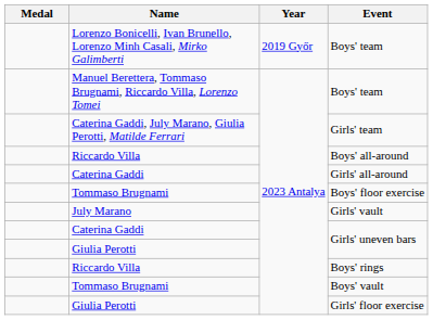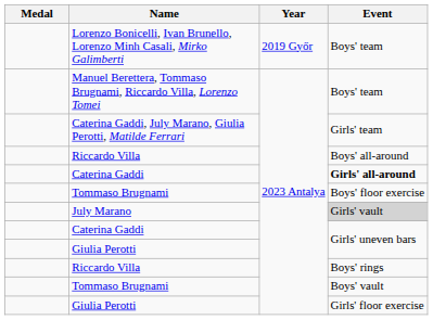 <table class="wikitable sortable">
 <tr>
 <th style="width:5em;">Medal</th>
 <th width=250>Name</th>
 <th>Year</th>
 <th>Event</th>
 </tr>
 <tr>
 <td></td>
 <td><a href='#'>Lorenzo Bonicelli</a>, <a href='#'>Ivan Brunello</a>, <a href='#'>Lorenzo Minh Casali</a>, <em><a href='#'>Mirko Galimberti</a></em></td>
 <td> <a href='#'>2019 Győr</a></td>
 <td>Boys' team</td>
 </tr>
 <tr>
 <td></td>
 <td><a href='#'>Manuel Berettera</a>, <a href='#'>Tommaso Brugnami</a>, <a href='#'>Riccardo Villa</a>, <em><a href='#'>Lorenzo Tomei</a></em></td>
 <td rowspan="11"> <a href='#'>2023 Antalya</a></td>
 <td>Boys' team</td>
 </tr>
 <tr>
 <td></td>
 <td><a href='#'>Caterina Gaddi</a>, <a href='#'>July Marano</a>, <a href='#'>Giulia Perotti</a>, <em><a href='#'>Matilde Ferrari</a></em></td>
 <td>Girls' team</td>
 </tr>
 <tr>
 <td></td>
 <td><a href='#'>Riccardo Villa</a></td>
 <td>Boys' all-around</td>
 </tr>
 <tr>
 <td></td>
 <td><a href='#'>Caterina Gaddi</a></td>
-<td>Girls' all-around</td>
+<td><strong>Girls' all-around</strong></td>
 </tr>
 <tr>
 <td></td>
 <td><a href='#'>Tommaso Brugnami</a></td>
 <td>Boys' floor exercise</td>
 </tr>
 <tr>
 <td></td>
 <td><a href='#'>July Marano</a></td>
-<td>Girls' vault</td>
+<td style="background: lightgrey;">Girls' vault</td>
 </tr>
 <tr>
 <td></td>
 <td><a href='#'>Caterina Gaddi</a></td>
 <td rowspan="2">Girls' uneven bars</td>
 </tr>
 <tr>
 <td></td>
 <td><a href='#'>Giulia Perotti</a></td>
 </tr>
 <tr>
 <td></td>
 <td><a href='#'>Riccardo Villa</a></td>
 <td>Boys' rings</td>
 </tr>
 <tr>
 <td></td>
 <td><a href='#'>Tommaso Brugnami</a></td>
 <td>Boys' vault</td>
 </tr>
 <tr>
 <td></td>
 <td><a href='#'>Giulia Perotti</a></td>
 <td>Girls' floor exercise</td>
 </tr>
 </table>
